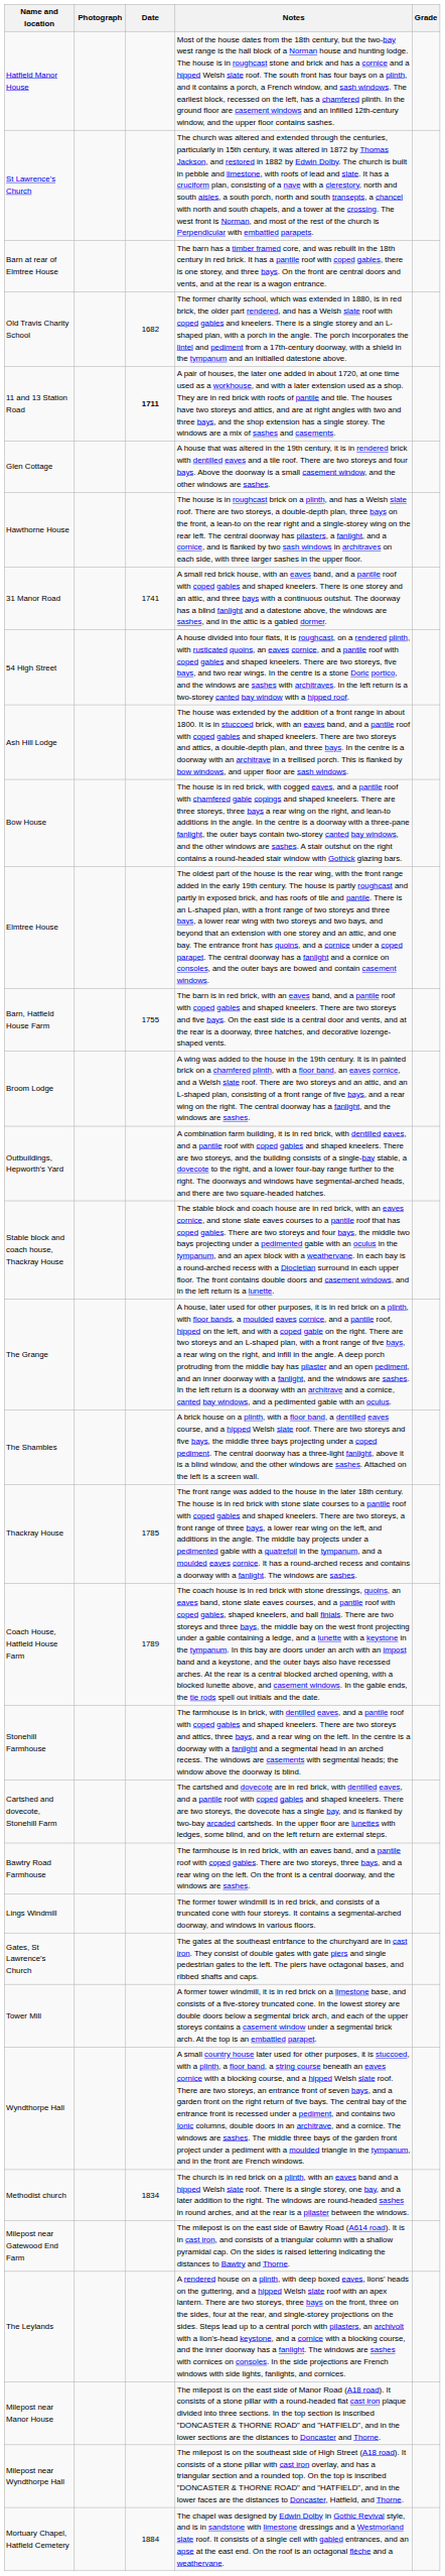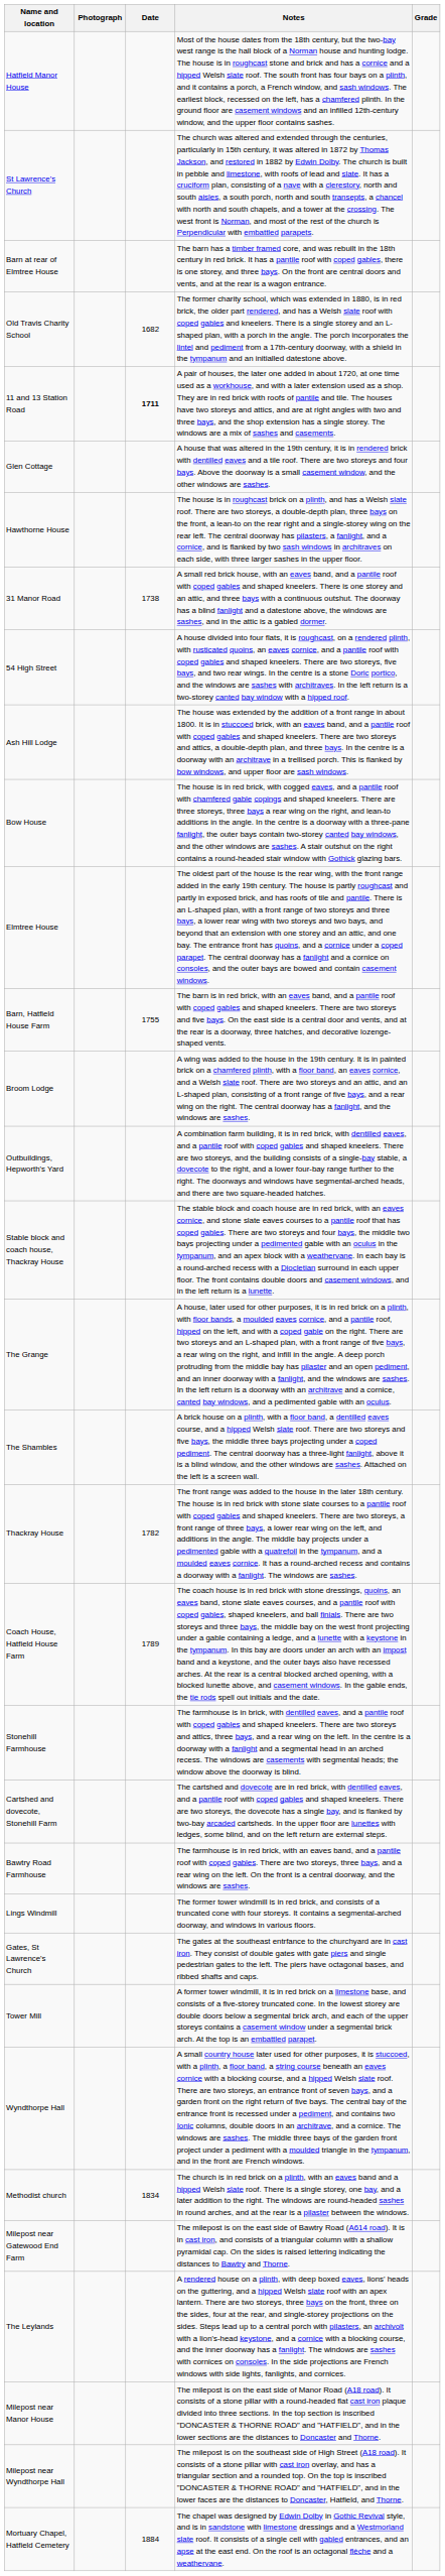 <table class="wikitable sortable plainrowheaders" style="width:100%; border:0; text-align:left; line-height:150%;">
 <tr>
 <th scope="col"  style="width:150px">Name and location</th>
 <th scope="col"  style="width:100px" class="unsortable">Photograph</th>
 <th scope="col"  style="width:120px">Date</th>
 <th scope="col"  style="width:650px" class="unsortable">Notes</th>
 <th scope="col"  style="width:50px">Grade</th>
 </tr>
 <tr>
 <td><a href='#'>Hatfield Manor House</a><br><small></small></td>
 <td></td>
 <td align="center"></td>
 <td>Most of the house dates from the 18th century, but the two-<a href='#'>bay</a> west range is the hall block of a <a href='#'>Norman</a> house and hunting lodge.  The house is in <a href='#'>roughcast</a> stone and brick and has a <a href='#'>cornice</a> and a <a href='#'>hipped</a> Welsh <a href='#'>slate</a> roof.  The south front has four bays on a <a href='#'>plinth</a>, and it contains a porch, a French window, and <a href='#'>sash windows</a>.  The earliest block, recessed on the left, has a <a href='#'>chamfered</a> plinth.  In the ground floor are <a href='#'>casement windows</a> and an infilled 12th-century window, and the upper floor contains sashes.</td>
 <td align="center" ></td>
 </tr>
 <tr>
 <td><a href='#'>St Lawrence's Church</a><br><small></small></td>
 <td></td>
 <td align="center"></td>
 <td>The church was altered and extended through the centuries, particularly in 15th century, it was altered in 1872 by <a href='#'>Thomas Jackson</a>, and <a href='#'>restored</a> in 1882 by <a href='#'>Edwin Dolby</a>.  The church is built in pebble and <a href='#'>limestone</a>, with roofs of lead and <a href='#'>slate</a>.  It has a <a href='#'>cruciform</a> plan, consisting of a <a href='#'>nave</a> with a <a href='#'>clerestory</a>, north and south <a href='#'>aisles</a>, a south porch, north and south <a href='#'>transepts</a>, a <a href='#'>chancel</a> with north and south chapels, and a tower at the <a href='#'>crossing</a>.  The west front is <a href='#'>Norman</a>, and most of the rest of the church is <a href='#'>Perpendicular</a> with <a href='#'>embattled</a> <a href='#'>parapets</a>.</td>
 <td align="center" ></td>
 </tr>
 <tr>
 <td>Barn at rear of Elmtree House<br><small></small></td>
 <td></td>
 <td align="center"></td>
 <td>The barn has a <a href='#'>timber framed</a> core, and was rebuilt in the 18th century in red brick.  It has a <a href='#'>pantile</a> roof with <a href='#'>coped</a> <a href='#'>gables</a>, there is one storey, and three <a href='#'>bays</a>.  On the front are central doors and vents, and at the rear is a wagon entrance.</td>
 <td align="center" ></td>
 </tr>
 <tr>
 <td>Old Travis Charity School<br><small></small></td>
 <td></td>
 <td align="center">1682</td>
 <td>The former charity school, which was extended in 1880, is in red brick, the older part <a href='#'>rendered</a>, and has a Welsh <a href='#'>slate</a> roof with <a href='#'>coped</a> <a href='#'>gables</a> and kneelers.  There is a single storey and an L-shaped plan, with a porch in the angle.  The porch incorporates the <a href='#'>lintel</a> and <a href='#'>pediment</a> from a 17th-century doorway, with a shield in the <a href='#'>tympanum</a> and an initialled datestone above.</td>
 <td align="center" ></td>
 </tr>
 <tr>
 <td>11 and 13 Station Road<br><small></small></td>
 <td></td>
 <td align="center"><strong>1711</strong></td>
 <td>A pair of houses, the later one added in about 1720, at one time used as a <a href='#'>workhouse</a>, and with a later extension used as a shop.  They are in red brick with roofs of <a href='#'>pantile</a> and tile. The houses have two storeys and attics, and are at right angles with two and three <a href='#'>bays</a>, and the shop extension has a single storey.  The windows are a mix of <a href='#'>sashes</a> and <a href='#'>casements</a>.</td>
 <td align="center" ></td>
 </tr>
 <tr>
 <td>Glen Cottage<br><small></small></td>
 <td></td>
 <td align="center"></td>
 <td>A house that was altered in the 19th century, it is in <a href='#'>rendered</a> brick with <a href='#'>dentilled</a> <a href='#'>eaves</a> and a tile roof.  There are two storeys and four <a href='#'>bays</a>.  Above the doorway is a small <a href='#'>casement window</a>, and the other windows are <a href='#'>sashes</a>.</td>
 <td align="center" ></td>
 </tr>
 <tr>
 <td>Hawthorne House<br><small></small></td>
 <td></td>
 <td align="center"></td>
 <td>The house is in <a href='#'>roughcast</a> brick on a <a href='#'>plinth</a>, and has a Welsh <a href='#'>slate</a> roof.  There are two storeys, a double-depth plan, three <a href='#'>bays</a> on the front, a lean-to on the rear right and a single-storey wing on the rear left.  The central doorway has <a href='#'>pilasters</a>, a <a href='#'>fanlight</a>, and a <a href='#'>cornice</a>, and is flanked by two <a href='#'>sash windows</a> in <a href='#'>architraves</a> on each side, with three larger sashes in the upper floor.</td>
 <td align="center" ></td>
 </tr>
 <tr>
 <td>31 Manor Road<br><small></small></td>
 <td></td>
-<td align="center">1741</td>
+<td align="center">1738</td>
 <td>A small red brick house, with an <a href='#'>eaves</a> band, and a <a href='#'>pantile</a> roof with <a href='#'>coped</a> <a href='#'>gables</a> and shaped kneelers.  There is one storey and an attic, and three <a href='#'>bays</a> with a continuous outshut.  The doorway has a blind <a href='#'>fanlight</a> and a datestone above, the windows are <a href='#'>sashes</a>, and in the attic is a gabled <a href='#'>dormer</a>.</td>
 <td align="center" ></td>
 </tr>
 <tr>
 <td>54 High Street<br><small></small></td>
 <td></td>
 <td align="center"></td>
 <td>A house divided into four flats, it is <a href='#'>roughcast</a>, on a <a href='#'>rendered</a> <a href='#'>plinth</a>, with <a href='#'>rusticated</a> <a href='#'>quoins</a>, an <a href='#'>eaves</a> <a href='#'>cornice</a>, and a <a href='#'>pantile</a> roof with <a href='#'>coped</a> <a href='#'>gables</a> and shaped kneelers.  There are two storeys, five <a href='#'>bays</a>, and two rear wings.  In the centre is a stone <a href='#'>Doric</a> <a href='#'>portico</a>, and the windows are <a href='#'>sashes</a> with <a href='#'>architraves</a>.  In the left return is a two-storey <a href='#'>canted</a> <a href='#'>bay window</a> with a <a href='#'>hipped roof</a>.</td>
 <td align="center" ></td>
 </tr>
 <tr>
 <td>Ash Hill Lodge<br><small></small></td>
 <td></td>
 <td align="center"></td>
 <td>The house was extended by the addition of a front range in about 1800.  It is in <a href='#'>stuccoed</a> brick, with an <a href='#'>eaves</a> band, and a <a href='#'>pantile</a> roof with <a href='#'>coped</a> <a href='#'>gables</a> and shaped kneelers.  There are two storeys and attics, a double-depth plan, and three <a href='#'>bays</a>.  In the centre is a doorway with an <a href='#'>architrave</a> in a trellised porch.  This is flanked by <a href='#'>bow windows</a>, and upper floor are <a href='#'>sash windows</a>.</td>
 <td align="center" ></td>
 </tr>
 <tr>
 <td>Bow House<br><small></small></td>
 <td></td>
 <td align="center"></td>
 <td>The house is in red brick, with cogged <a href='#'>eaves</a>, and a <a href='#'>pantile</a> roof with <a href='#'>chamfered</a> <a href='#'>gable</a> <a href='#'>copings</a> and shaped kneelers.  There are three storeys, three <a href='#'>bays</a> a rear wing on the right, and lean-to additions in the angle.  In the centre is a doorway with a three-pane <a href='#'>fanlight</a>, the outer bays contain two-storey <a href='#'>canted</a> <a href='#'>bay windows</a>, and the other windows are <a href='#'>sashes</a>. A stair outshut on the right contains a round-headed stair window with <a href='#'>Gothick</a> glazing bars.</td>
 <td align="center" ></td>
 </tr>
 <tr>
 <td>Elmtree House<br><small></small></td>
 <td></td>
 <td align="center"></td>
 <td>The oldest part of the house is the rear wing, with the front range added in the early 19th century.  The house is partly <a href='#'>roughcast</a> and partly in exposed brick, and has roofs of tile and <a href='#'>pantile</a>.  There is an L-shaped plan, with a front range of two storeys and three <a href='#'>bays</a>, a lower rear wing with two storeys and two bays, and beyond that an extension with one storey and an attic, and one bay.  The entrance front has <a href='#'>quoins</a>, and a <a href='#'>cornice</a> under a <a href='#'>coped</a> <a href='#'>parapet</a>.  The central doorway has a <a href='#'>fanlight</a> and a cornice on <a href='#'>consoles</a>, and the outer bays are bowed and contain <a href='#'>casement windows</a>.</td>
 <td align="center" ></td>
 </tr>
 <tr>
 <td>Barn, Hatfield House Farm<br><small></small></td>
 <td></td>
 <td align="center">1755</td>
 <td>The barn is in red brick, with an <a href='#'>eaves</a> band, and a <a href='#'>pantile</a> roof with <a href='#'>coped</a> <a href='#'>gables</a> and shaped kneelers.  There are two storeys and five <a href='#'>bays</a>.  On the east side is a central door and vents, and at the rear is a doorway, three hatches, and decorative lozenge-shaped vents.</td>
 <td align="center" ></td>
 </tr>
 <tr>
 <td>Broom Lodge<br><small></small></td>
 <td></td>
 <td align="center"></td>
 <td>A wing was added to the house in the 19th century.  It is in painted brick on a <a href='#'>chamfered</a> <a href='#'>plinth</a>, with a <a href='#'>floor band</a>, an <a href='#'>eaves</a> <a href='#'>cornice</a>, and a Welsh <a href='#'>slate</a> roof.  There are two storeys and an attic, and an L-shaped plan, consisting of a front range of five <a href='#'>bays</a>, and a rear wing on the right.  The central doorway has a <a href='#'>fanlight</a>, and the windows are <a href='#'>sashes</a>.</td>
 <td align="center" ></td>
 </tr>
 <tr>
 <td>Outbuildings, Hepworth's Yard<br><small></small></td>
 <td></td>
 <td align="center"></td>
 <td>A combination farm building, it is in red brick, with <a href='#'>dentilled</a> <a href='#'>eaves</a>, and a <a href='#'>pantile</a> roof with <a href='#'>coped</a> <a href='#'>gables</a> and shaped kneelers.  There are two storeys, and the building consists of a single-<a href='#'>bay</a> stable, a <a href='#'>dovecote</a> to the right, and a lower four-bay range further to the right.  The doorways and windows have segmental-arched heads, and there are two square-headed hatches.</td>
 <td align="center" ></td>
 </tr>
 <tr>
 <td>Stable block and coach house,<br>Thackray House<br><small></small></td>
 <td></td>
 <td align="center"></td>
 <td>The stable block and coach house are in red brick, with an <a href='#'>eaves</a> <a href='#'>cornice</a>, and stone slate eaves courses to a <a href='#'>pantile</a> roof that has  <a href='#'>coped</a> <a href='#'>gables</a>.  There are two storeys and four <a href='#'>bays</a>, the middle two bays projecting under a <a href='#'>pedimented</a> gable with an <a href='#'>oculus</a> in the <a href='#'>tympanum</a>, and an apex block with a <a href='#'>weathervane</a>.  In each bay is a round-arched recess with a <a href='#'>Diocletian</a> surround in each upper floor.  The front contains double doors and <a href='#'>casement windows</a>, and in the left return is a <a href='#'>lunette</a>.</td>
 <td align="center" ></td>
 </tr>
 <tr>
 <td>The Grange<br><small></small></td>
 <td></td>
 <td align="center"></td>
 <td>A house, later used for other purposes, it is in red brick on a <a href='#'>plinth</a>, with <a href='#'>floor bands</a>, a <a href='#'>moulded</a> <a href='#'>eaves</a> <a href='#'>cornice</a>, and a <a href='#'>pantile</a> roof, <a href='#'>hipped</a> on the left, and with a <a href='#'>coped</a> <a href='#'>gable</a> on the right.  There are two storeys and an L-shaped plan, with a front range of five <a href='#'>bays</a>, a rear wing on the right, and infill in the angle.  A deep porch protruding from the middle bay has <a href='#'>pilaster</a> and an open <a href='#'>pediment</a>, and an inner doorway with a <a href='#'>fanlight</a>, and the windows are <a href='#'>sashes</a>.  In the left return is a doorway with an <a href='#'>architrave</a> and a cornice, <a href='#'>canted</a> <a href='#'>bay windows</a>, and a pedimented gable with an <a href='#'>oculus</a>.</td>
 <td align="center" ></td>
 </tr>
 <tr>
 <td>The Shambles<br><small></small></td>
 <td></td>
 <td align="center"></td>
 <td>A brick house on a <a href='#'>plinth</a>, with a <a href='#'>floor band</a>, a <a href='#'>dentilled</a> <a href='#'>eaves</a> course, and a <a href='#'>hipped</a> Welsh <a href='#'>slate</a> roof.  There are two storeys and five <a href='#'>bays</a>, the middle three bays projecting under a <a href='#'>coped</a> <a href='#'>pediment</a>.  The central doorway has a three-light <a href='#'>fanlight</a>, above it is a blind window, and the other windows are <a href='#'>sashes</a>.  Attached on the left is a screen wall.</td>
 <td align="center" ></td>
 </tr>
 <tr>
 <td>Thackray House<br><small></small></td>
 <td></td>
-<td align="center">1785</td>
+<td align="center">1782</td>
 <td>The front range was added to the house in the later 18th century.  The house is in red brick with stone slate courses to a <a href='#'>pantile</a> roof with <a href='#'>coped</a> <a href='#'>gables</a> and shaped kneelers.  There are two storeys, a front range of three <a href='#'>bays</a>, a lower rear wing on the left, and additions in the angle.  The middle bay projects under a <a href='#'>pedimented</a> gable with a <a href='#'>quatrefoil</a> in the <a href='#'>tympanum</a>, and a <a href='#'>moulded</a> <a href='#'>eaves</a> <a href='#'>cornice</a>.  It has a round-arched recess and contains a doorway with a <a href='#'>fanlight</a>.  The windows are <a href='#'>sashes</a>.</td>
 <td align="center" ></td>
 </tr>
 <tr>
 <td>Coach House, Hatfield House Farm<br><small></small></td>
 <td></td>
 <td align="center">1789</td>
 <td>The coach house is in red brick with stone dressings, <a href='#'>quoins</a>, an <a href='#'>eaves</a> band, stone slate eaves courses, and a <a href='#'>pantile</a> roof with <a href='#'>coped</a> <a href='#'>gables</a>, shaped kneelers, and ball <a href='#'>finials</a>.  There are two storeys and three <a href='#'>bays</a>, the middle bay on the west front projecting under a gable containing a ledge, and a <a href='#'>lunette</a> with a <a href='#'>keystone</a> in the <a href='#'>tympanum</a>.  In this bay are doors under an arch with an <a href='#'>impost</a> band and a keystone, and the outer bays also have recessed arches.  At the rear is a central blocked arched opening, with a blocked lunette above, and <a href='#'>casement windows</a>.  In the gable ends, the <a href='#'>tie rods</a> spell out initials and the date.</td>
 <td align="center" ></td>
 </tr>
 <tr>
 <td>Stonehill Farmhouse<br><small></small></td>
 <td></td>
 <td align="center"></td>
 <td>The farmhouse is in brick, with <a href='#'>dentilled</a> <a href='#'>eaves</a>, and a <a href='#'>pantile</a> roof with <a href='#'>coped</a> <a href='#'>gables</a> and shaped kneelers.  There are two storeys and attics, three <a href='#'>bays</a>, and a rear wing on the left.  In the centre is a doorway with a <a href='#'>fanlight</a> and a segmental head in an arched recess.  The windows are <a href='#'>casements</a> with segmental heads; the window above the doorway is blind.</td>
 <td align="center" ></td>
 </tr>
 <tr>
 <td>Cartshed and dovecote, Stonehill Farm<br><small></small></td>
 <td></td>
 <td align="center"></td>
 <td>The cartshed and <a href='#'>dovecote</a> are in red brick, with <a href='#'>dentilled</a> <a href='#'>eaves</a>, and a <a href='#'>pantile</a> roof with <a href='#'>coped</a> <a href='#'>gables</a> and shaped kneelers.  There are two storeys, the dovecote has a single <a href='#'>bay</a>, and is flanked by two-bay <a href='#'>arcaded</a> cartsheds.  In the upper floor are <a href='#'>lunettes</a> with ledges, some blind, and on the left return are external steps.</td>
 <td align="center" ></td>
 </tr>
 <tr>
 <td>Bawtry Road Farmhouse<br><small></small></td>
 <td></td>
 <td align="center"></td>
 <td>The farmhouse is in red brick, with an eaves band, and a <a href='#'>pantile</a> roof with <a href='#'>coped</a> <a href='#'>gables</a>.  There are two storeys, three <a href='#'>bays</a>, and a rear wing on the left.  On the front is a central doorway, and the windows are <a href='#'>sashes</a>.</td>
 <td align="center" ></td>
 </tr>
 <tr>
 <td>Lings Windmill<br><small></small></td>
 <td></td>
 <td align="center"></td>
 <td>The former tower windmill is in red brick, and consists of a truncated cone with four storeys.  It contains a segmental-arched doorway, and windows in various floors.</td>
 <td align="center" ></td>
 </tr>
 <tr>
 <td>Gates, St Lawrence's Church<br><small></small></td>
 <td></td>
 <td align="center"></td>
 <td>The gates at the southeast entrfance to the churchyard are in <a href='#'>cast iron</a>.  They consist of double gates with gate <a href='#'>piers</a> and single pedestrian gates to the left.  The piers have octagonal bases, and ribbed shafts and caps.</td>
 <td align="center" ></td>
 </tr>
 <tr>
 <td>Tower Mill<br><small></small></td>
 <td></td>
 <td align="center"></td>
 <td>A former tower windmill, it is in red brick on a <a href='#'>limestone</a> base, and consists of a five-storey truncated cone.  In the lowest storey are double doors below a segmental brick arch, and each of the upper storeys contains a <a href='#'>casement window</a> under a segmental brick arch.  At the top is an <a href='#'>embattled</a> <a href='#'>parapet</a>.</td>
 <td align="center" ></td>
 </tr>
 <tr>
 <td>Wyndthorpe Hall<br><small></small></td>
 <td></td>
 <td align="center"></td>
 <td>A small <a href='#'>country house</a> later used for other purposes, it is <a href='#'>stuccoed</a>, with a <a href='#'>plinth</a>, a <a href='#'>floor band</a>, a <a href='#'>string course</a> beneath an <a href='#'>eaves</a> <a href='#'>cornice</a> with a blocking course, and a <a href='#'>hipped</a> Welsh <a href='#'>slate</a> roof.  There are two storeys, an entrance front of seven <a href='#'>bays</a>, and a garden front on the right return of five bays.  The central bay of the entrance front is recessed under a <a href='#'>pediment</a>, and contains two <a href='#'>Ionic</a> columns, double doors in an <a href='#'>architrave</a>, and a cornice.  The windows are <a href='#'>sashes</a>.  The middle three bays of the garden front project under a pediment with a <a href='#'>moulded</a> triangle in the <a href='#'>tympanum</a>, and in the front are French windows.</td>
 <td align="center" ></td>
 </tr>
 <tr>
 <td>Methodist church<br><small></small></td>
 <td></td>
 <td align="center">1834</td>
 <td>The church is in red brick on a <a href='#'>plinth</a>, with an <a href='#'>eaves</a> band and a <a href='#'>hipped</a> Welsh <a href='#'>slate</a> roof.  There is a single storey, one <a href='#'>bay</a>, and a later addition to the right.  The windows are round-headed <a href='#'>sashes</a> in round arches, and at the rear is a <a href='#'>pilaster</a> between the windows.</td>
 <td align="center" ></td>
 </tr>
 <tr>
 <td>Milepost near Gatewood End Farm<br><small></small></td>
 <td></td>
 <td align="center"></td>
 <td>The milepost is on the east side of Bawtry Road (<a href='#'>A614 road</a>).  It is in <a href='#'>cast iron</a>, and consists of a triangular column with a shallow pyramidal cap.  On the sides is raised lettering indicating the distances to <a href='#'>Bawtry</a> and <a href='#'>Thorne</a>.</td>
 <td align="center" ></td>
 </tr>
 <tr>
 <td>The Leylands<br><small></small></td>
 <td></td>
 <td align="center"></td>
 <td>A <a href='#'>rendered</a> house on a <a href='#'>plinth</a>, with deep boxed <a href='#'>eaves</a>, lions' heads on the guttering, and a <a href='#'>hipped</a> Welsh <a href='#'>slate</a> roof with an apex lantern.  There are two storeys, three <a href='#'>bays</a> on the front, three on the sides, four at the rear, and single-storey projections on the sides.  Steps lead up to a central porch with <a href='#'>pilasters</a>, an <a href='#'>archivolt</a> with a lion's-head <a href='#'>keystone</a>, and a <a href='#'>cornice</a> with a blocking course, and the inner doorway has a <a href='#'>fanlight</a>.  The windows are <a href='#'>sashes</a> with cornices on <a href='#'>consoles</a>.  In the side projections are French windows with side lights, fanlights, and cornices.</td>
 <td align="center" ></td>
 </tr>
 <tr>
 <td>Milepost near Manor House<br><small></small></td>
 <td></td>
 <td align="center"></td>
 <td>The milepost is on the east side of Manor Road (<a href='#'>A18 road</a>).  It consists of a stone pillar with a round-headed flat <a href='#'>cast iron</a> plaque divided into three sections.  In the top section is inscribed "DONCASTER & THORNE ROAD" and "HATFIELD", and in the lower sections are the distances to <a href='#'>Doncaster</a> and <a href='#'>Thorne</a>.</td>
 <td align="center" ></td>
 </tr>
 <tr>
 <td>Milepost near Wyndthorpe Hall<br><small></small></td>
 <td></td>
 <td align="center"></td>
 <td>The milepost is on the southeast side of High Street (<a href='#'>A18 road</a>).  It consists of a stone pillar with <a href='#'>cast iron</a> overlay, and has a triangular section and a rounded top.  On the top is inscribed "DONCASTER & THORNE ROAD" and "HATFIELD", and in the lower faces are the distances to <a href='#'>Doncaster</a>, Hatfield, and <a href='#'>Thorne</a>.</td>
 <td align="center" ></td>
 </tr>
 <tr>
 <td>Mortuary Chapel, Hatfield Cemetery<br><small></small></td>
 <td></td>
 <td align="center">1884</td>
 <td>The chapel was designed by <a href='#'>Edwin Dolby</a> in <a href='#'>Gothic Revival</a> style, and is in <a href='#'>sandstone</a> with <a href='#'>limestone</a> dressings and a <a href='#'>Westmorland</a> <a href='#'>slate</a> roof.  It consists of a single cell with <a href='#'>gabled</a> entrances, and an <a href='#'>apse</a> at the east end.  On the roof is an octagonal <a href='#'>flèche</a> and a <a href='#'>weathervane</a>.</td>
 <td align="center" ></td>
 </tr>
 <tr>
 </tr>
 </table>
